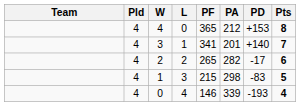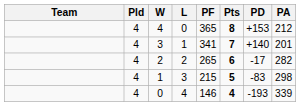 <table class=wikitable style="text-align:center">
 <tr>
 <th width=180>Team</th>
 <th width=30>Pld</th>
 <th width=30>W</th>
 <th width=30>L</th>
 <th width=30>PF</th>
+<th width=30>Pts</th>
+<th width=30>PD</th>
 <th width=30>PA</th>
-<th width=30>PD</th>
-<th width=30>Pts</th>
 </tr>
 <tr align=center bgcolor=>
 <td align=left></td>
 <td>4</td>
 <td>4</td>
 <td>0</td>
 <td>365</td>
+<td><strong>8</strong></td>
+<td>+153</td>
 <td>212</td>
-<td>+153</td>
-<td><strong>8</strong></td>
 </tr>
 <tr align=center bgcolor=>
 <td align=left></td>
 <td>4</td>
 <td>3</td>
 <td>1</td>
 <td>341</td>
+<td><strong>7</strong></td>
+<td>+140</td>
 <td>201</td>
-<td>+140</td>
-<td><strong>7</strong></td>
 </tr>
 <tr align=center bgcolor=>
 <td align=left></td>
 <td>4</td>
 <td>2</td>
 <td>2</td>
 <td>265</td>
+<td><strong>6</strong></td>
+<td>-17</td>
 <td>282</td>
-<td>-17</td>
-<td><strong>6</strong></td>
 </tr>
 <tr align=center bgcolor=>
 <td align=left></td>
 <td>4</td>
 <td>1</td>
 <td>3</td>
 <td>215</td>
+<td><strong>5</strong></td>
+<td>-83</td>
 <td>298</td>
-<td>-83</td>
-<td><strong>5</strong></td>
 </tr>
 <tr align=center bgcolor=>
 <td align=left></td>
 <td>4</td>
 <td>0</td>
 <td>4</td>
 <td>146</td>
+<td><strong>4</strong></td>
+<td>-193</td>
 <td>339</td>
-<td>-193</td>
-<td><strong>4</strong></td>
 </tr>
 </table>
